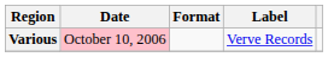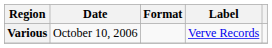 <table class="wikitable plainrowheaders">
 <tr>
 <th scope="col">Region</th>
 <th scope="col">Date</th>
 <th scope="col">Format</th>
 <th scope="col">Label</th>
 <th scope="col"></th>
 </tr>
 <tr>
 <th scope="row">Various</th>
-<td style="background: pink;">October 10, 2006</td>
+<td>October 10, 2006</td>
 <td></td>
 <td><a href='#'>Verve Records</a></td>
 <td style="text-align:center;"></td>
 </tr>
 <tr>
 </tr>
 </table>
